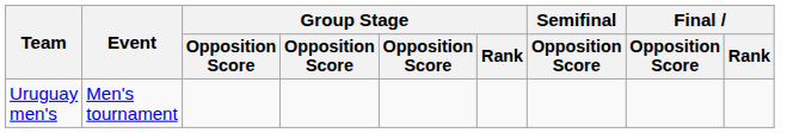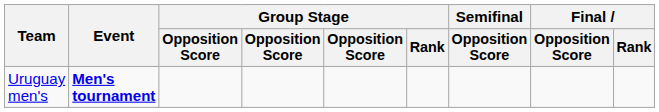 <table class=wikitable style=font-size:90%>
 <tr>
 <th rowspan=2>Team</th>
 <th rowspan=2>Event</th>
 <th colspan=4>Group Stage</th>
 <th>Semifinal</th>
 <th colspan=2>Final / </th>
 </tr>
 <tr style=font-size:95%>
 <th>Opposition<br>Score</th>
 <th>Opposition<br>Score</th>
 <th>Opposition<br>Score</th>
 <th>Rank</th>
 <th>Opposition<br>Score</th>
 <th>Opposition<br>Score</th>
 <th>Rank</th>
 </tr>
 <tr align=center>
 <td align=left><a href='#'>Uruguay men's</a></td>
-<td align=left><a href='#'>Men's tournament</a></td>
+<td align=left><strong><a href='#'>Men's tournament</a></strong></td>
 <td></td>
 <td></td>
 <td></td>
 <td></td>
 <td></td>
 <td></td>
 <td></td>
 </tr>
 </table>
